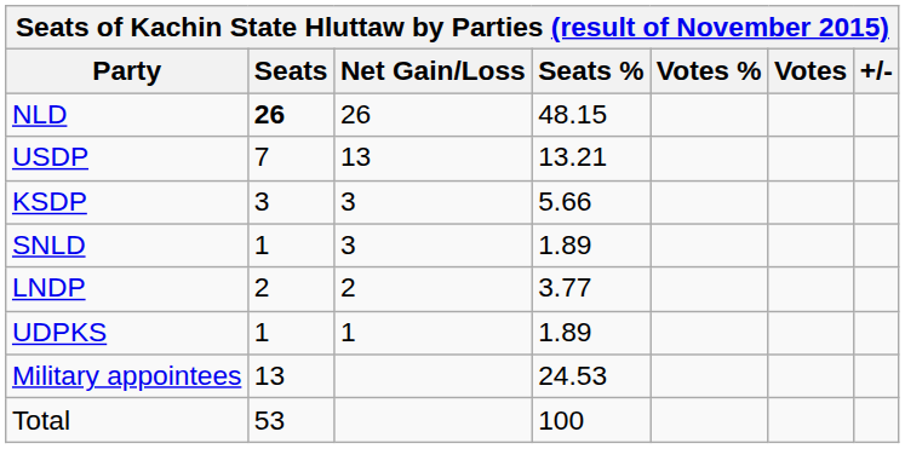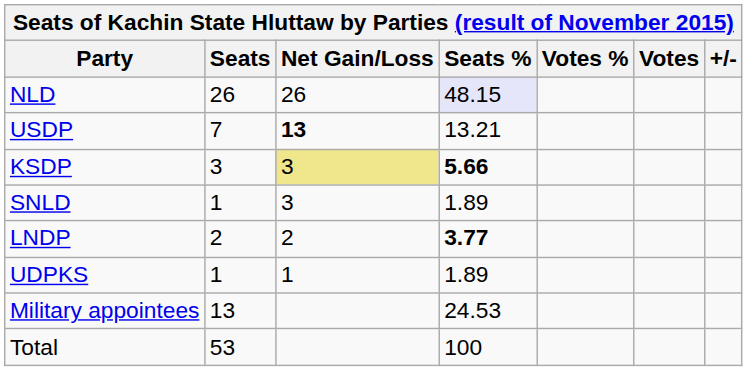 <table class="wikitable">
 <tr>
 <th colspan="7">Seats of Kachin State Hluttaw by Parties <a href='#'>(result of November 2015)</a></th>
 </tr>
 <tr>
 <th>Party</th>
 <th>Seats</th>
 <th>Net Gain/Loss</th>
 <th>Seats %</th>
 <th>Votes %</th>
 <th>Votes</th>
 <th>+/-</th>
 </tr>
 <tr>
 <td><a href='#'>NLD</a></td>
-<td><strong>26</strong></td>
 <td>26</td>
-<td>48.15</td>
+<td>26</td>
+<td style="background: lavender;">48.15</td>
 <td></td>
 <td></td>
 <td></td>
 </tr>
 <tr>
 <td><a href='#'>USDP</a></td>
 <td>7</td>
-<td>13</td>
+<td><strong>13</strong></td>
 <td>13.21</td>
 <td></td>
 <td></td>
 <td></td>
 </tr>
 <tr>
 <td><a href='#'>KSDP</a></td>
 <td>3</td>
-<td>3</td>
-<td>5.66</td>
+<td style="background: khaki;">3</td>
+<td><strong>5.66</strong></td>
 <td></td>
 <td></td>
 <td></td>
 </tr>
 <tr>
 <td><a href='#'>SNLD</a></td>
 <td>1</td>
 <td>3</td>
 <td>1.89</td>
 <td></td>
 <td></td>
 <td></td>
 </tr>
 <tr>
 <td><a href='#'>LNDP</a></td>
 <td>2</td>
 <td>2</td>
-<td>3.77</td>
+<td><strong>3.77</strong></td>
 <td></td>
 <td></td>
 <td></td>
 </tr>
 <tr>
 <td><a href='#'>UDPKS</a></td>
 <td>1</td>
 <td>1</td>
 <td>1.89</td>
 <td></td>
 <td></td>
 <td></td>
 </tr>
 <tr>
 <td><a href='#'>Military appointees</a></td>
 <td>13</td>
 <td></td>
 <td>24.53</td>
 <td></td>
 <td></td>
 <td></td>
 </tr>
 <tr>
 <td>Total</td>
 <td>53</td>
 <td></td>
 <td>100</td>
 <td></td>
 <td></td>
 <td></td>
 </tr>
 </table>
